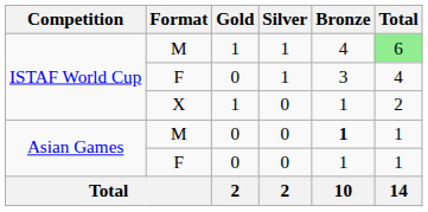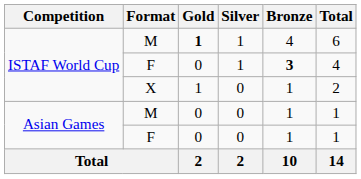 <table class="wikitable sortable" style="text-align:center">
 <tr>
 <th>Competition</th>
 <th>Format</th>
 <th>Gold</th>
 <th>Silver</th>
 <th>Bronze</th>
 <th>Total</th>
 </tr>
 <tr>
 <td rowspan=3><a href='#'>ISTAF World Cup</a></td>
 <td>M</td>
-<td>1</td>
+<td><strong>1</strong></td>
 <td>1</td>
 <td>4</td>
-<td style="background: lightgreen;">6</td>
+<td>6</td>
 </tr>
 <tr>
 <td>F</td>
 <td>0</td>
 <td>1</td>
-<td>3</td>
+<td><strong>3</strong></td>
 <td>4</td>
 </tr>
 <tr>
 <td>X</td>
 <td>1</td>
 <td>0</td>
 <td>1</td>
 <td>2</td>
 </tr>
 <tr>
 <td rowspan=2><a href='#'>Asian Games</a></td>
 <td>M</td>
 <td>0</td>
 <td>0</td>
-<td><strong>1</strong></td>
+<td>1</td>
 <td>1</td>
 </tr>
 <tr>
 <td>F</td>
 <td>0</td>
 <td>0</td>
 <td>1</td>
 <td>1</td>
 </tr>
 <tr>
 <th colspan=2>Total</th>
 <th>2</th>
 <th>2</th>
 <th>10</th>
 <th>14</th>
 </tr>
 </table>
